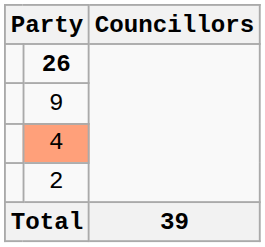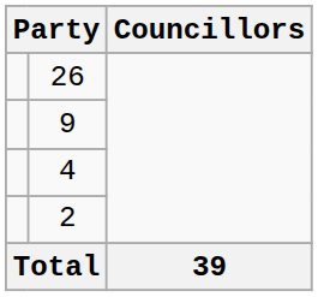 <table class="wikitable">
 <tr>
 <th colspan=2>Party</th>
 <th>Councillors</th>
 </tr>
 <tr>
 <td></td>
-<td align=center><strong>26</strong></td>
+<td align=center>26</td>
 </tr>
 <tr>
 <td></td>
 <td align=center>9</td>
 </tr>
 <tr>
 <td></td>
-<td align=center style="background: lightsalmon;">4</td>
+<td align=center>4</td>
 </tr>
 <tr>
 <td></td>
 <td align=center>2</td>
 </tr>
 <tr>
 <th colspan=2>Total</th>
 <th align=center>39</th>
 </tr>
 </table>
